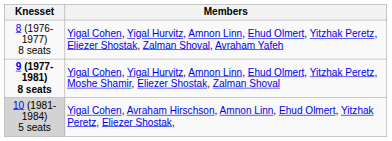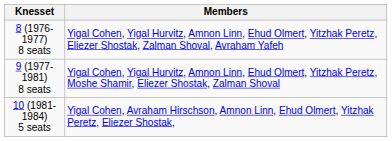 <table class=wikitable>
 <tr>
 <th>Knesset</th>
 <th>Members</th>
 </tr>
 <tr>
 <td align=center><a href='#'>8</a> (1976-1977)<br>8 seats</td>
 <td><a href='#'>Yigal Cohen</a>, <a href='#'>Yigal Hurvitz</a>, <a href='#'>Amnon Linn</a>, <a href='#'>Ehud Olmert</a>, <a href='#'>Yitzhak Peretz</a>, <a href='#'>Eliezer Shostak</a>, <a href='#'>Zalman Shoval</a>, <a href='#'>Avraham Yafeh</a></td>
 </tr>
 <tr>
-<td align=center><strong><a href='#'>9</a> (1977-1981)<br>8 seats</strong></td>
+<td align=center><a href='#'>9</a> (1977-1981)<br>8 seats</td>
 <td><a href='#'>Yigal Cohen</a>, <a href='#'>Yigal Hurvitz</a>, <a href='#'>Amnon Linn</a>, <a href='#'>Ehud Olmert</a>, <a href='#'>Yitzhak Peretz</a>, <a href='#'>Moshe Shamir</a>, <a href='#'>Eliezer Shostak</a>, <a href='#'>Zalman Shoval</a></td>
 </tr>
 <tr>
-<td align=center style="background: lightgrey;"><a href='#'>10</a> (1981-1984)<br>5 seats</td>
+<td align=center><a href='#'>10</a> (1981-1984)<br>5 seats</td>
 <td><a href='#'>Yigal Cohen</a>, <a href='#'>Avraham Hirschson</a>, <a href='#'>Amnon Linn</a>, <a href='#'>Ehud Olmert</a>, <a href='#'>Yitzhak Peretz</a>, <a href='#'>Eliezer Shostak</a>,</td>
 </tr>
 </table>
